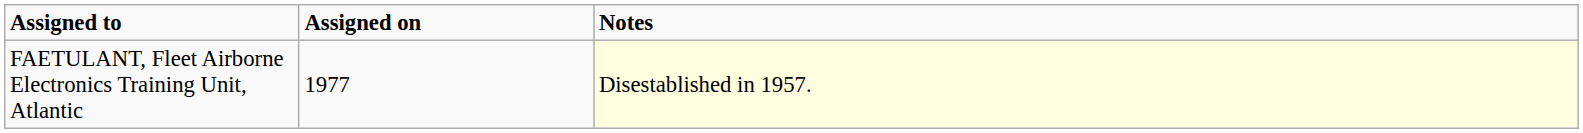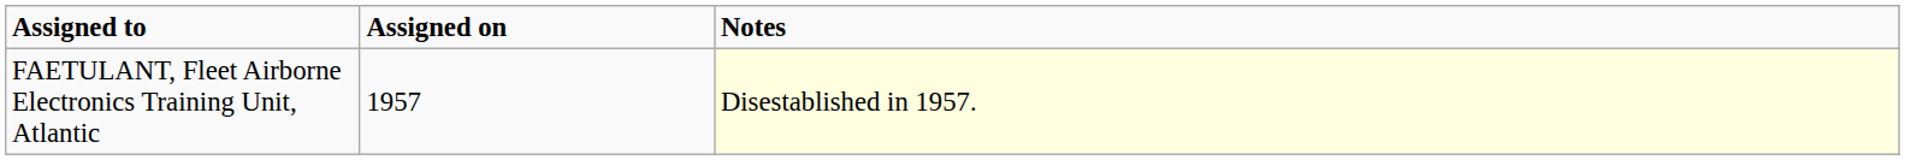 <table class="wikitable" style="width: 70%;">
 <tr>
 <td style="width: 200px;"><strong>Assigned to</strong></td>
 <td style="width: 200px;"><strong>Assigned on</strong></td>
 <td><strong>Notes</strong></td>
 </tr>
 <tr>
 <td>FAETULANT, Fleet Airborne Electronics Training Unit, Atlantic</td>
-<td>1977</td>
+<td>1957</td>
 <td style="background: lightyellow;">Disestablished in 1957.</td>
 </tr>
 </table>
